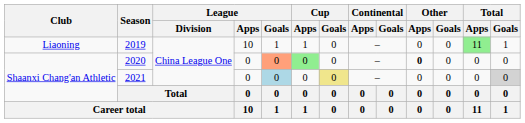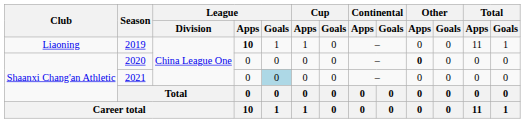 <table class="wikitable" style="text-align: center">
 <tr>
 <th rowspan="2">Club</th>
 <th rowspan="2">Season</th>
 <th colspan="3">League</th>
 <th colspan="2">Cup</th>
 <th colspan="2">Continental</th>
 <th colspan="2">Other</th>
 <th colspan="2">Total</th>
 </tr>
 <tr>
 <th>Division</th>
 <th>Apps</th>
 <th>Goals</th>
 <th>Apps</th>
 <th>Goals</th>
 <th>Apps</th>
 <th>Goals</th>
 <th>Apps</th>
 <th>Goals</th>
 <th>Apps</th>
 <th>Goals</th>
 </tr>
 <tr>
 <td><a href='#'>Liaoning</a></td>
 <td><a href='#'>2019</a></td>
 <td rowspan="3"><a href='#'>China League One</a></td>
-<td>10</td>
+<td><strong>10</strong></td>
 <td>1</td>
 <td>1</td>
 <td>0</td>
 <td colspan="2">–</td>
 <td>0</td>
 <td>0</td>
-<td style="background: lightgreen;">11</td>
+<td>11</td>
 <td>1</td>
 </tr>
 <tr>
 <td rowspan="3"><a href='#'>Shaanxi Chang'an Athletic</a></td>
 <td><a href='#'>2020</a></td>
 <td>0</td>
-<td style="background: lightsalmon;">0</td>
-<td style="background: lightgreen;">0</td>
+<td>0</td>
+<td>0</td>
 <td>0</td>
 <td colspan="2">–</td>
 <td><strong>0</strong></td>
 <td>0</td>
 <td>0</td>
 <td>0</td>
 </tr>
 <tr>
 <td><a href='#'>2021</a></td>
 <td>0</td>
 <td style="background: lightblue;">0</td>
 <td>0</td>
-<td style="background: khaki;">0</td>
+<td>0</td>
 <td colspan="2">–</td>
 <td>0</td>
 <td>0</td>
 <td>0</td>
-<td style="background: lightgrey;">0</td>
+<td>0</td>
 </tr>
 <tr>
 <th colspan=2>Total</th>
 <th>0</th>
 <th>0</th>
 <th>0</th>
 <th>0</th>
 <th>0</th>
 <th>0</th>
 <th>0</th>
 <th>0</th>
 <th>0</th>
 <th>0</th>
 </tr>
 <tr>
 <th colspan=3>Career total</th>
 <th>10</th>
 <th>1</th>
 <th>1</th>
 <th>0</th>
 <th>0</th>
 <th>0</th>
 <th>0</th>
 <th>0</th>
 <th>11</th>
 <th>1</th>
 </tr>
 </table>
